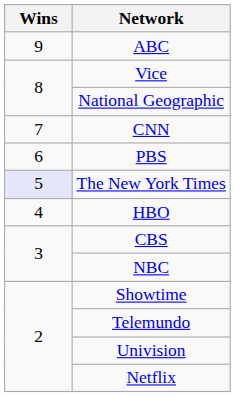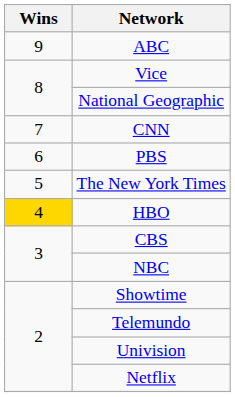 <table class="wikitable floatright" style="text-align: center;">
 <tr>
 <th scope="col" style="width:55px;">Wins</th>
 <th scope="col" style="text-align:center;">Network</th>
 </tr>
 <tr>
 <td scope=row style="text-align:center">9</td>
 <td><a href='#'>ABC</a></td>
 </tr>
 <tr>
 <td rowspan="2" scope=row style="text-align:center">8</td>
 <td><a href='#'>Vice</a></td>
 </tr>
 <tr>
 <td><a href='#'>National Geographic</a></td>
 </tr>
 <tr>
 <td scope=row style="text-align:center">7</td>
 <td><a href='#'>CNN</a></td>
 </tr>
 <tr>
 <td scope=row style="text-align:center">6</td>
 <td><a href='#'>PBS</a></td>
 </tr>
 <tr>
-<td scope=row style="background: lavender; text-align:center">5</td>
+<td scope=row style="text-align:center">5</td>
 <td><a href='#'>The New York Times</a></td>
 </tr>
 <tr>
-<td scope=row style="text-align:center">4</td>
+<td scope=row style="background: gold; text-align:center">4</td>
 <td><a href='#'>HBO</a></td>
 </tr>
 <tr>
 <td rowspan="2" scope=row style="text-align:center">3</td>
 <td><a href='#'>CBS</a></td>
 </tr>
 <tr>
 <td><a href='#'>NBC</a></td>
 </tr>
 <tr>
 <td rowspan="4" scope=row style="text-align:center">2</td>
 <td><a href='#'>Showtime</a></td>
 </tr>
 <tr>
 <td><a href='#'>Telemundo</a></td>
 </tr>
 <tr>
 <td><a href='#'>Univision</a></td>
 </tr>
 <tr>
 <td><a href='#'>Netflix</a></td>
 </tr>
 <tr>
 </tr>
 </table>
